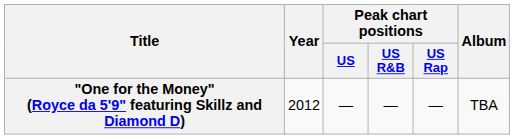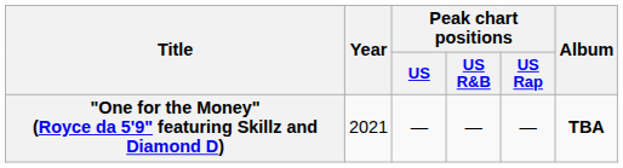 <table class="wikitable plainrowheaders" style="text-align:center;" border="1">
 <tr>
 <th scope="col" rowspan="2" style="width:19em;">Title</th>
 <th scope="col" rowspan="2">Year</th>
 <th scope="col" colspan="3">Peak chart positions</th>
 <th scope="col" rowspan="2">Album</th>
 </tr>
 <tr>
 <th style="width:3em; font-size:90%"><a href='#'>US</a></th>
 <th style="width:3em; font-size:90%"><a href='#'>US<br>R&B</a></th>
 <th style="width:3em; font-size:90%"><a href='#'>US<br>Rap</a></th>
 </tr>
 <tr>
 <th scope="row">"One for the Money"<br><span>(<a href='#'>Royce da 5'9"</a> featuring Skillz and <a href='#'>Diamond D</a>)</span></th>
-<td>2012</td>
+<td>2021</td>
 <td>—</td>
 <td>—</td>
 <td>—</td>
-<td>TBA</td>
+<td><strong>TBA</strong></td>
 </tr>
 </table>
